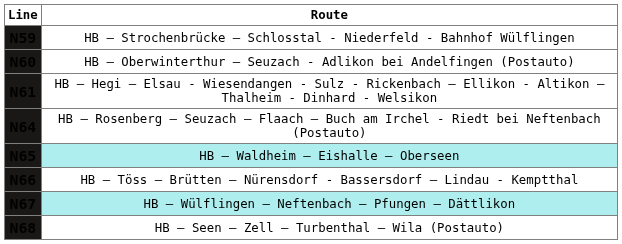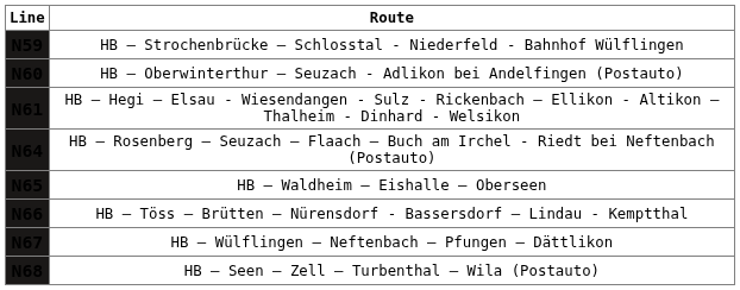 <table border="1" cellspacing="0" cellpadding="3" style="border-collapse:collapse; font-size:95%; margin-left:10px; margin-bottom:5px;">
 <tr>
 <th>Line</th>
 <th>Route</th>
 </tr>
 <tr align=center>
 <td bgcolor=#1A1817><span><big><strong>N59</strong></big></span></td>
 <td>HB – Strochenbrücke – Schlosstal - Niederfeld - Bahnhof Wülflingen</td>
 </tr>
 <tr align=center>
 <td bgcolor=#1A1817><span><big><strong>N60</strong></big></span></td>
 <td>HB – Oberwinterthur – Seuzach - Adlikon bei Andelfingen (Postauto)</td>
 </tr>
 <tr align=center>
 <td bgcolor=#1A1817><span><big><strong>N61</strong></big></span></td>
 <td>HB – Hegi – Elsau - Wiesendangen - Sulz - Rickenbach – Ellikon - Altikon – Thalheim - Dinhard - Welsikon</td>
 </tr>
 <tr align=center>
 <td bgcolor=#1A1817><span><big><strong>N64</strong></big></span></td>
 <td>HB – Rosenberg – Seuzach – Flaach – Buch am Irchel - Riedt bei Neftenbach (Postauto)</td>
 </tr>
 <tr align=center>
 <td bgcolor=#1A1817><span><big><strong>N65</strong></big></span></td>
-<td style="background: paleturquoise;">HB – Waldheim – Eishalle – Oberseen</td>
+<td>HB – Waldheim – Eishalle – Oberseen</td>
 </tr>
 <tr align=center>
 <td bgcolor=#1A1817><span><big><strong>N66</strong></big></span></td>
 <td>HB – Töss – Brütten – Nürensdorf - Bassersdorf – Lindau - Kemptthal</td>
 </tr>
 <tr align=center>
 <td bgcolor=#1A1817><span><big><strong>N67</strong></big></span></td>
-<td style="background: paleturquoise;">HB – Wülflingen – Neftenbach – Pfungen – Dättlikon</td>
+<td>HB – Wülflingen – Neftenbach – Pfungen – Dättlikon</td>
 </tr>
 <tr align=center>
 <td bgcolor=#1A1817><span><big><strong>N68</strong></big></span></td>
 <td>HB – Seen – Zell – Turbenthal – Wila (Postauto)</td>
 </tr>
 <tr align=center>
 </tr>
 </table>
